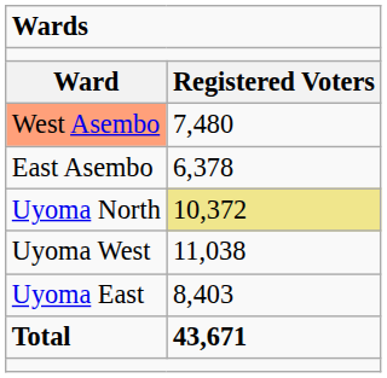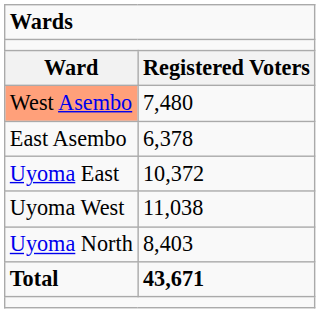 <table class="wikitable">
 <tr>
 <td colspan="2"><strong>Wards</strong></td>
 </tr>
 <tr>
 <td colspan="2"></td>
 </tr>
 <tr>
 <th>Ward</th>
 <th>Registered Voters</th>
 </tr>
 <tr>
 <td style="background: lightsalmon;">West <a href='#'>Asembo</a></td>
 <td>7,480</td>
 </tr>
 <tr>
 <td>East Asembo</td>
 <td>6,378</td>
 </tr>
 <tr>
-<td><a href='#'>Uyoma</a> North</td>
-<td style="background: khaki;">10,372</td>
+<td><a href='#'>Uyoma</a> East</td>
+<td>10,372</td>
 </tr>
 <tr>
 <td>Uyoma West</td>
 <td>11,038</td>
 </tr>
 <tr>
-<td><a href='#'>Uyoma</a> East</td>
+<td><a href='#'>Uyoma</a> North</td>
 <td>8,403</td>
 </tr>
 <tr>
 <td><strong>Total</strong></td>
 <td><strong>43,671</strong></td>
 </tr>
 <tr>
 <td colspan="2"></td>
 </tr>
 </table>
